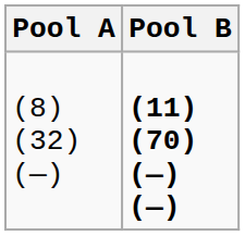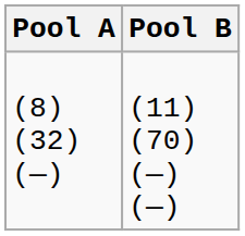 <table class="wikitable">
 <tr>
 <th width=50%>Pool A</th>
 <th width=50%>Pool B</th>
 </tr>
 <tr>
 <td valign=top><br> (8)<br>  (32)<br>  (—)</td>
-<td valign=top><strong><br> (11)<br>  (70)<br>  (—)<br>  (—)</strong></td>
+<td valign=top><br> (11)<br>  (70)<br>  (—)<br>  (—)</td>
 </tr>
 </table>
